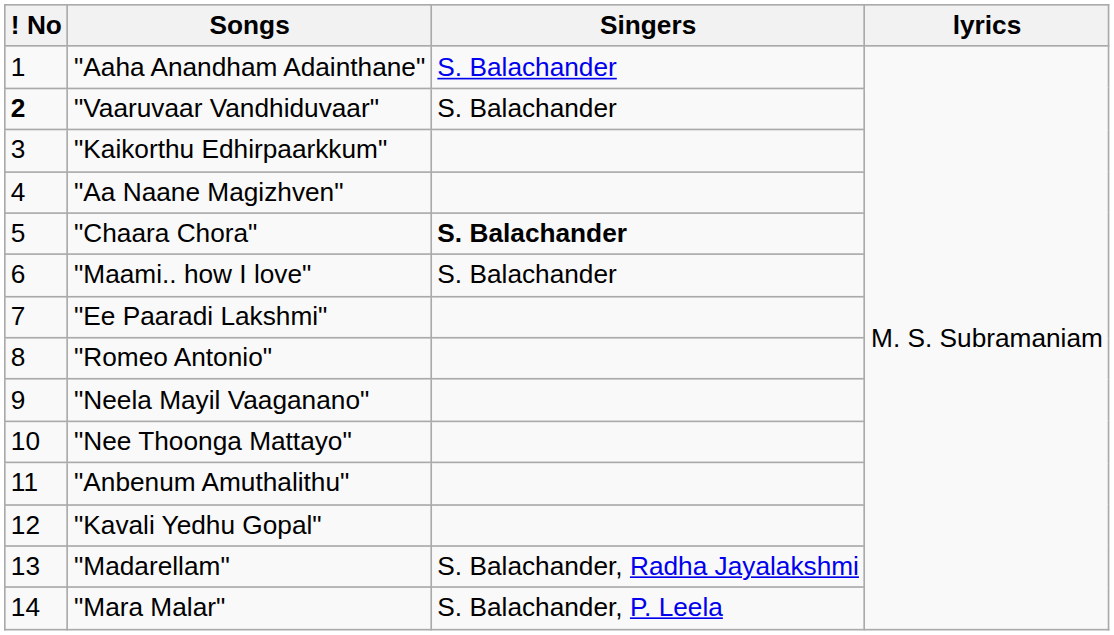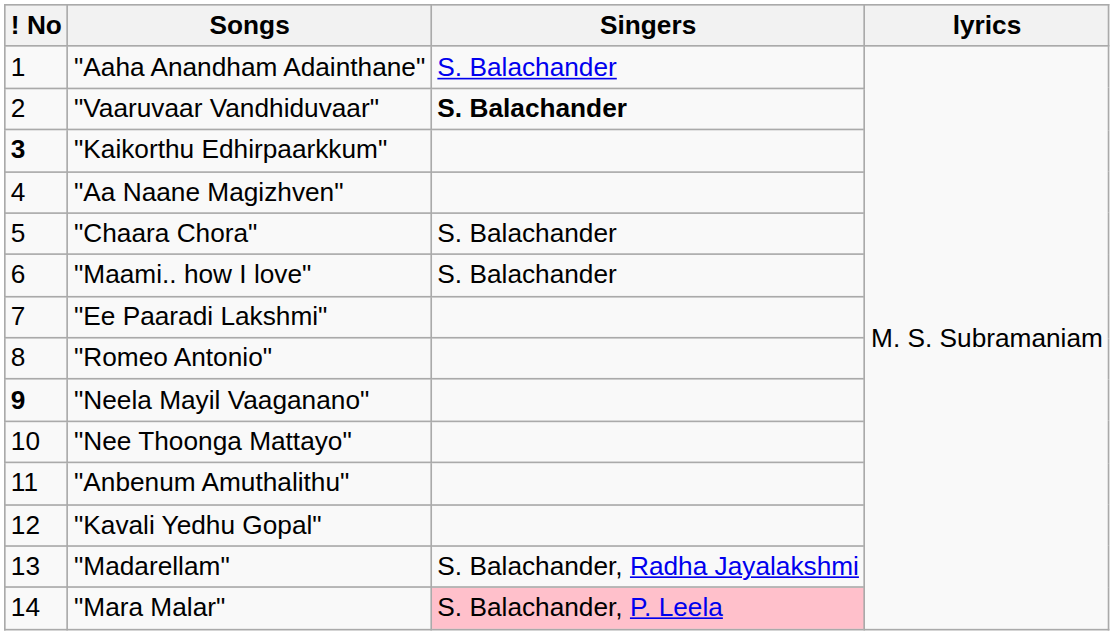 <table class="wikitable">
 <tr>
 <th>! No</th>
 <th>Songs</th>
 <th>Singers</th>
 <th>lyrics</th>
 </tr>
 <tr>
 <td>1</td>
 <td>"Aaha Anandham Adainthane"</td>
 <td><a href='#'>S. Balachander</a></td>
 <td rowspan=14>M. S. Subramaniam</td>
 </tr>
 <tr>
-<td><strong>2</strong></td>
+<td>2</td>
 <td>"Vaaruvaar Vandhiduvaar"</td>
-<td>S. Balachander</td>
+<td><strong>S. Balachander</strong></td>
 </tr>
 <tr>
-<td>3</td>
+<td><strong>3</strong></td>
 <td>"Kaikorthu Edhirpaarkkum"</td>
 <td></td>
 </tr>
 <tr>
 <td>4</td>
 <td>"Aa Naane Magizhven"</td>
 <td></td>
 </tr>
 <tr>
 <td>5</td>
 <td>"Chaara Chora"</td>
-<td><strong>S. Balachander</strong></td>
+<td>S. Balachander</td>
 </tr>
 <tr>
 <td>6</td>
 <td>"Maami.. how I love"</td>
 <td>S. Balachander</td>
 </tr>
 <tr>
 <td>7</td>
 <td>"Ee Paaradi Lakshmi"</td>
 <td></td>
 </tr>
 <tr>
 <td>8</td>
 <td>"Romeo Antonio"</td>
 <td></td>
 </tr>
 <tr>
-<td>9</td>
+<td><strong>9</strong></td>
 <td>"Neela Mayil Vaaganano"</td>
 <td></td>
 </tr>
 <tr>
 <td>10</td>
 <td>"Nee Thoonga Mattayo"</td>
 <td></td>
 </tr>
 <tr>
 <td>11</td>
 <td>"Anbenum Amuthalithu"</td>
 <td></td>
 </tr>
 <tr>
 <td>12</td>
 <td>"Kavali Yedhu Gopal"</td>
 <td></td>
 </tr>
 <tr>
 <td>13</td>
 <td>"Madarellam"</td>
 <td>S. Balachander, <a href='#'>Radha Jayalakshmi</a></td>
 </tr>
 <tr>
 <td>14</td>
 <td>"Mara Malar"</td>
-<td>S. Balachander, <a href='#'>P. Leela</a></td>
+<td style="background: pink;">S. Balachander, <a href='#'>P. Leela</a></td>
 </tr>
 </table>
